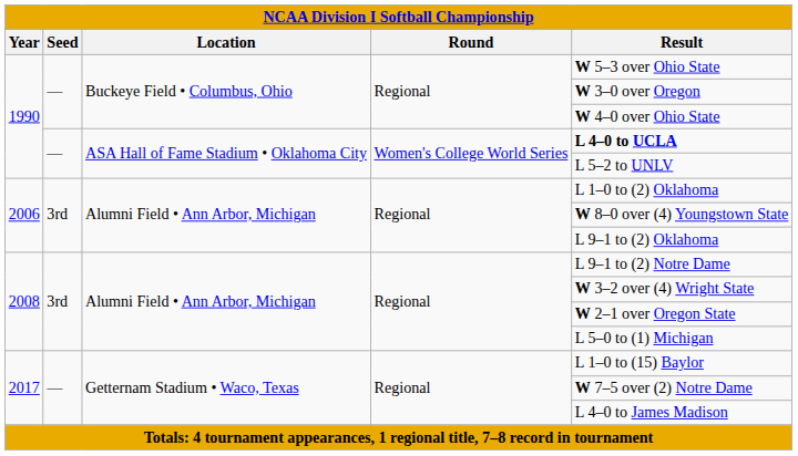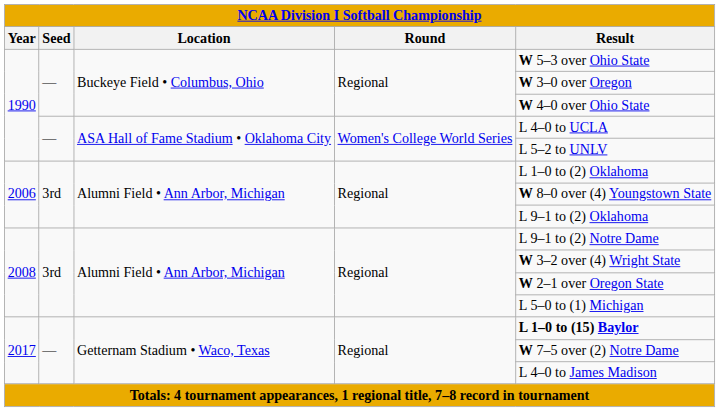 <table class="wikitable">
 <tr>
 <th colspan=6 style="background:#eaab00;"><a href='#'>NCAA Division I Softball Championship</a></th>
 </tr>
 <tr>
 <th>Year</th>
 <th>Seed</th>
 <th>Location</th>
 <th>Round</th>
 <th>Result</th>
 </tr>
 <tr>
 <td rowspan="5"><a href='#'>1990</a></td>
 <td rowspan="3">—</td>
 <td rowspan="3">Buckeye Field • <a href='#'>Columbus, Ohio</a></td>
 <td rowspan=3>Regional</td>
 <td><strong>W</strong> 5–3 over <a href='#'>Ohio State</a></td>
 </tr>
 <tr>
 <td><strong>W</strong> 3–0 over <a href='#'>Oregon</a></td>
 </tr>
 <tr>
 <td><strong>W</strong> 4–0 over <a href='#'>Ohio State</a></td>
 </tr>
 <tr>
 <td rowspan="2">—</td>
 <td rowspan="2"><a href='#'>ASA Hall of Fame Stadium</a> • <a href='#'>Oklahoma City</a></td>
 <td rowspan="2"><a href='#'>Women's College World Series</a></td>
-<td><strong>L 4–0 to <a href='#'>UCLA</a></strong></td>
+<td>L 4–0 to <a href='#'>UCLA</a></td>
 </tr>
 <tr>
 <td>L 5–2 to <a href='#'>UNLV</a></td>
 </tr>
 <tr>
 <td rowspan="3"><a href='#'>2006</a></td>
 <td rowspan="3">3rd</td>
 <td rowspan="3">Alumni Field  • <a href='#'>Ann Arbor, Michigan</a></td>
 <td rowspan=3>Regional</td>
 <td>L 1–0 to (2) <a href='#'>Oklahoma</a></td>
 </tr>
 <tr>
 <td><strong>W</strong> 8–0 over (4) <a href='#'>Youngstown State</a></td>
 </tr>
 <tr>
 <td>L 9–1 to (2) <a href='#'>Oklahoma</a></td>
 </tr>
 <tr>
 <td rowspan="4"><a href='#'>2008</a></td>
 <td rowspan="4">3rd</td>
 <td rowspan="4">Alumni Field  • <a href='#'>Ann Arbor, Michigan</a></td>
 <td rowspan=4>Regional</td>
 <td>L 9–1 to (2) <a href='#'>Notre Dame</a></td>
 </tr>
 <tr>
 <td><strong>W</strong> 3–2 over (4) <a href='#'>Wright State</a></td>
 </tr>
 <tr>
 <td><strong>W</strong> 2–1 over <a href='#'>Oregon State</a></td>
 </tr>
 <tr>
 <td>L 5–0 to (1) <a href='#'>Michigan</a></td>
 </tr>
 <tr>
 <td rowspan="3"><a href='#'>2017</a></td>
 <td rowspan="3">—</td>
 <td rowspan="3">Getternam Stadium  • <a href='#'>Waco, Texas</a></td>
 <td rowspan=3>Regional</td>
-<td>L 1–0 to (15) <a href='#'>Baylor</a></td>
+<td><strong>L 1–0 to (15) <a href='#'>Baylor</a></strong></td>
 </tr>
 <tr>
 <td><strong>W</strong> 7–5 over (2) <a href='#'>Notre Dame</a></td>
 </tr>
 <tr>
 <td>L 4–0 to <a href='#'>James Madison</a></td>
 </tr>
 <tr>
 <th colspan=6 style="background:#eaab00;">Totals: 4 tournament appearances, 1 regional title, 7–8 record in tournament</th>
 </tr>
 </table>
